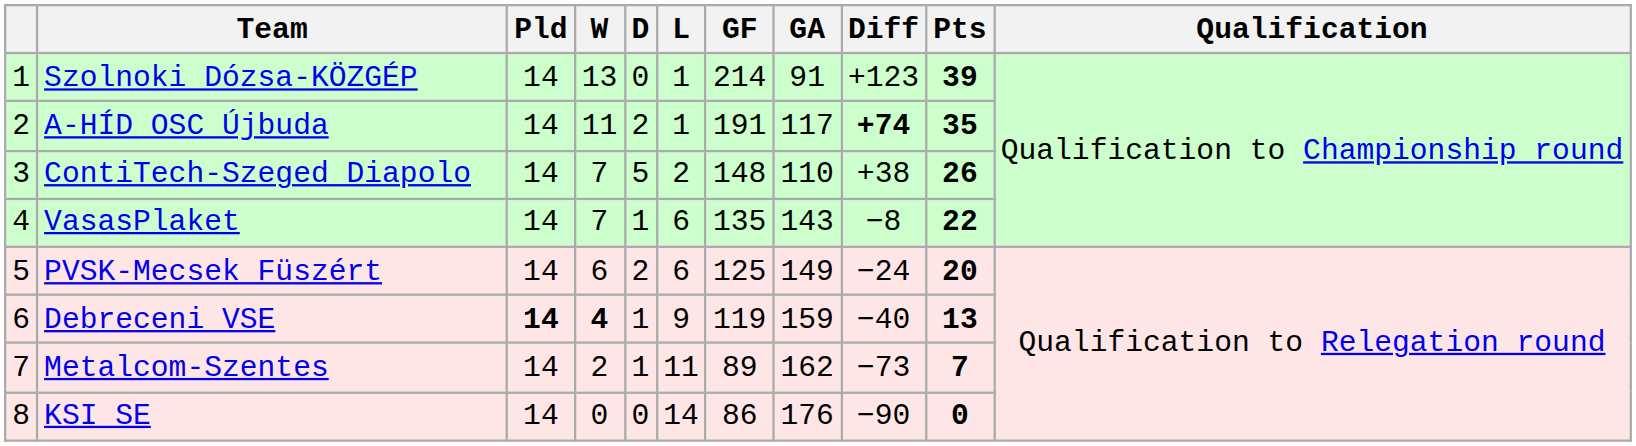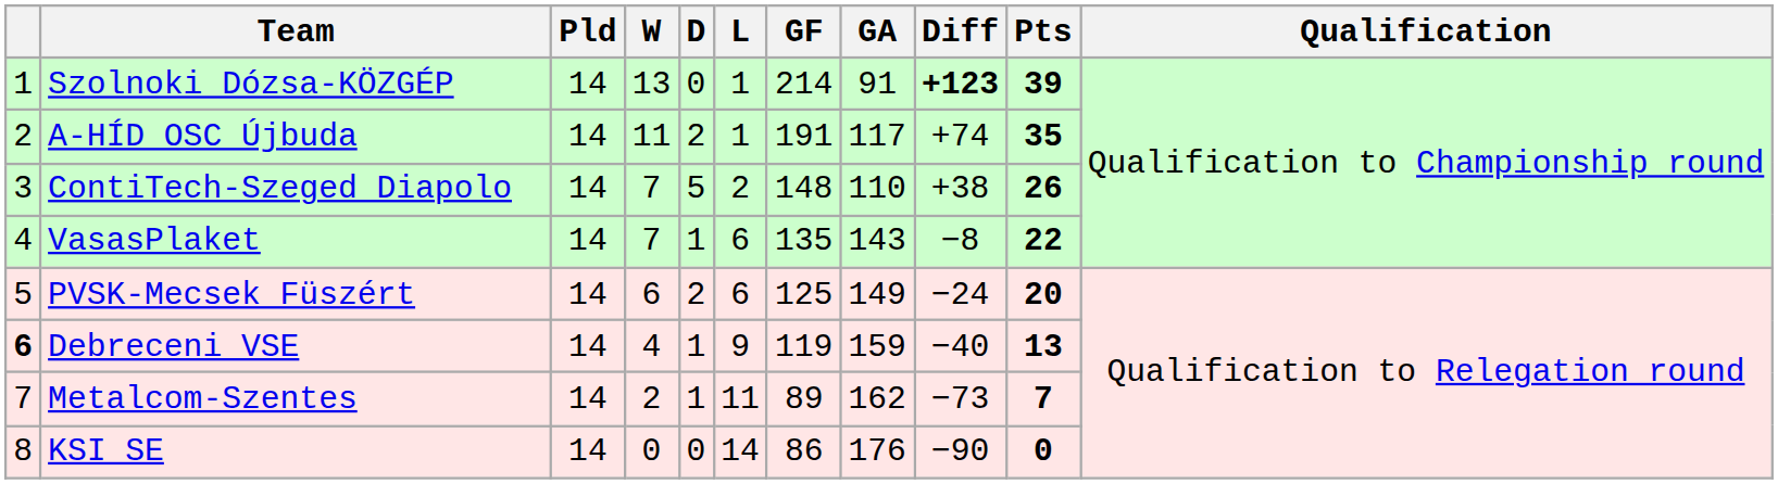 <table class="wikitable sortable" style="text-align:center">
 <tr>
 <th></th>
 <th width="200">Team</th>
 <th>Pld</th>
 <th>W</th>
 <th>D</th>
 <th>L</th>
 <th>GF</th>
 <th>GA</th>
 <th>Diff</th>
 <th>Pts</th>
 <th>Qualification</th>
 </tr>
 <tr style="background: #CCFFCC;">
 <td>1</td>
 <td align=left> <a href='#'>Szolnoki Dózsa-KÖZGÉP</a></td>
 <td>14</td>
 <td>13</td>
 <td>0</td>
 <td>1</td>
 <td>214</td>
 <td>91</td>
-<td>+123</td>
+<td><strong>+123</strong></td>
 <td><strong>39</strong></td>
 <td rowspan="4">Qualification to <a href='#'>Championship round</a></td>
 </tr>
 <tr style="background: #CCFFCC;">
 <td>2</td>
 <td align=left> <a href='#'>A-HÍD OSC Újbuda</a></td>
 <td>14</td>
 <td>11</td>
 <td>2</td>
 <td>1</td>
 <td>191</td>
 <td>117</td>
-<td><strong>+74</strong></td>
+<td>+74</td>
 <td><strong>35</strong></td>
 </tr>
 <tr style="background: #CCFFCC;">
 <td>3</td>
 <td align=left> <a href='#'>ContiTech-Szeged Diapolo</a></td>
 <td>14</td>
 <td>7</td>
 <td>5</td>
 <td>2</td>
 <td>148</td>
 <td>110</td>
 <td>+38</td>
 <td><strong>26</strong></td>
 </tr>
 <tr style="background: #CCFFCC;">
 <td>4</td>
 <td align=left> <a href='#'>VasasPlaket</a></td>
 <td>14</td>
 <td>7</td>
 <td>1</td>
 <td>6</td>
 <td>135</td>
 <td>143</td>
 <td>−8</td>
 <td><strong>22</strong></td>
 </tr>
 <tr style="background: #FFE6E6;">
 <td>5</td>
 <td align=left> <a href='#'>PVSK-Mecsek Füszért</a></td>
 <td>14</td>
 <td>6</td>
 <td>2</td>
 <td>6</td>
 <td>125</td>
 <td>149</td>
 <td>−24</td>
 <td><strong>20</strong></td>
 <td rowspan="4">Qualification to <a href='#'>Relegation round</a></td>
 </tr>
 <tr style="background: #FFE6E6;">
-<td>6</td>
+<td><strong>6</strong></td>
 <td align=left> <a href='#'>Debreceni VSE</a></td>
-<td><strong>14</strong></td>
-<td><strong>4</strong></td>
+<td>14</td>
+<td>4</td>
 <td>1</td>
 <td>9</td>
 <td>119</td>
 <td>159</td>
 <td>−40</td>
 <td><strong>13</strong></td>
 </tr>
 <tr style="background: #FFE6E6;">
 <td>7</td>
 <td align=left> <a href='#'>Metalcom-Szentes</a></td>
 <td>14</td>
 <td>2</td>
 <td>1</td>
 <td>11</td>
 <td>89</td>
 <td>162</td>
 <td>−73</td>
 <td><strong>7</strong></td>
 </tr>
 <tr style="background: #FFE6E6;">
 <td>8</td>
 <td align=left> <a href='#'>KSI SE</a></td>
 <td>14</td>
 <td>0</td>
 <td>0</td>
 <td>14</td>
 <td>86</td>
 <td>176</td>
 <td>−90</td>
 <td><strong>0</strong></td>
 </tr>
 </table>
